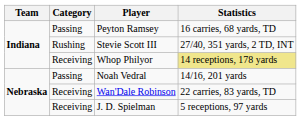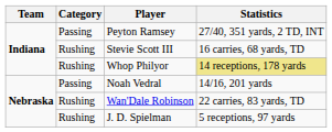 <table class="wikitable" style="float: right;">
 <tr>
 <th>Team</th>
 <th>Category</th>
 <th>Player</th>
 <th>Statistics</th>
 </tr>
 <tr>
 <td rowspan=3><strong>Indiana</strong></td>
 <td>Passing</td>
 <td>Peyton Ramsey</td>
+<td>27/40, 351 yards, 2 TD, INT</td>
+</tr>
+<tr>
+<td>Rushing</td>
+<td>Stevie Scott III</td>
 <td>16 carries, 68 yards, TD</td>
 </tr>
 <tr>
 <td>Rushing</td>
-<td>Stevie Scott III</td>
-<td>27/40, 351 yards, 2 TD, INT</td>
-</tr>
-<tr>
-<td>Receiving</td>
 <td>Whop Philyor</td>
 <td style="background: khaki;">14 receptions, 178 yards</td>
 </tr>
 <tr>
 <td rowspan=3><strong>Nebraska</strong></td>
 <td>Passing</td>
 <td>Noah Vedral</td>
 <td>14/16, 201 yards</td>
 </tr>
 <tr>
-<td>Receiving</td>
+<td>Rushing</td>
 <td><a href='#'>Wan'Dale Robinson</a></td>
 <td>22 carries, 83 yards, TD</td>
 </tr>
 <tr>
-<td>Receiving</td>
+<td>Rushing</td>
 <td>J. D. Spielman</td>
 <td>5 receptions, 97 yards</td>
 </tr>
 </table>
